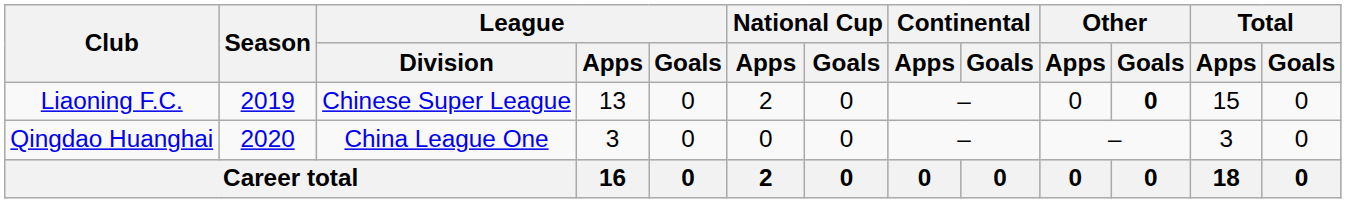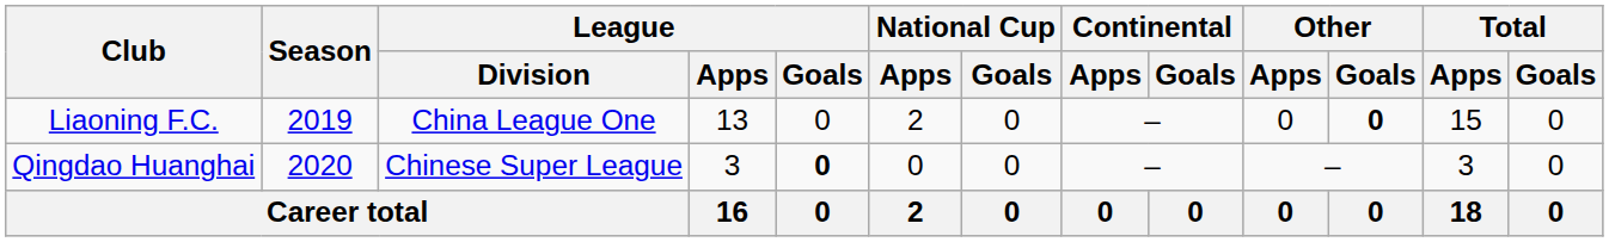 <table class="wikitable" style="text-align: center">
 <tr>
 <th rowspan="2">Club</th>
 <th rowspan="2">Season</th>
 <th colspan="3">League</th>
 <th colspan="2">National Cup</th>
 <th colspan="2">Continental</th>
 <th colspan="2">Other</th>
 <th colspan="2">Total</th>
 </tr>
 <tr>
 <th>Division</th>
 <th>Apps</th>
 <th>Goals</th>
 <th>Apps</th>
 <th>Goals</th>
 <th>Apps</th>
 <th>Goals</th>
 <th>Apps</th>
 <th>Goals</th>
 <th>Apps</th>
 <th>Goals</th>
 </tr>
 <tr>
 <td><a href='#'>Liaoning F.C.</a></td>
 <td><a href='#'>2019</a></td>
-<td><a href='#'>Chinese Super League</a></td>
+<td><a href='#'>China League One</a></td>
 <td>13</td>
 <td>0</td>
 <td>2</td>
 <td>0</td>
 <td colspan="2">–</td>
 <td>0</td>
 <td><strong>0</strong></td>
 <td>15</td>
 <td>0</td>
 </tr>
 <tr>
 <td><a href='#'>Qingdao Huanghai</a></td>
 <td><a href='#'>2020</a></td>
-<td><a href='#'>China League One</a></td>
+<td><a href='#'>Chinese Super League</a></td>
 <td>3</td>
-<td>0</td>
+<td><strong>0</strong></td>
 <td>0</td>
 <td>0</td>
 <td colspan="2">–</td>
 <td colspan="2">–</td>
 <td>3</td>
 <td>0</td>
 </tr>
 <tr>
 <th colspan=3>Career total</th>
 <th>16</th>
 <th>0</th>
 <th>2</th>
 <th>0</th>
 <th>0</th>
 <th>0</th>
 <th>0</th>
 <th>0</th>
 <th>18</th>
 <th>0</th>
 </tr>
 </table>
